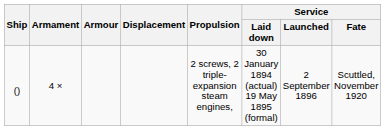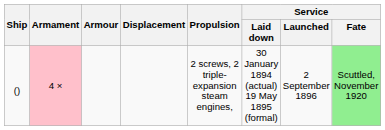 <table class="wikitable">
 <tr valign="center">
 <th align= center rowspan=2>Ship</th>
 <th align= center rowspan=2>Armament</th>
 <th align= center rowspan=2>Armour</th>
 <th align= center rowspan=2>Displacement</th>
 <th align= center rowspan=2>Propulsion</th>
 <th align= center colspan=3>Service</th>
 </tr>
 <tr valign="top">
 <th align= center>Laid down</th>
 <th align= center>Launched</th>
 <th align= center>Fate</th>
 </tr>
 <tr valign="center">
 <td align= center><br>()</td>
-<td align= center>4 × </td>
+<td align= center style="background: pink;">4 × </td>
 <td align= center></td>
 <td align= center></td>
 <td align= center>2 screws, 2 triple-expansion steam engines, </td>
 <td align= center>30 January 1894 (actual)<br>19 May 1895 (formal)</td>
 <td align= center>2 September 1896</td>
-<td align= center>Scuttled, November 1920</td>
+<td align= center style="background: lightgreen;">Scuttled, November 1920</td>
 </tr>
 </table>
